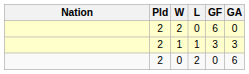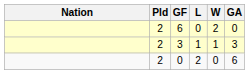 <table class=wikitable style="text-align:center">
 <tr>
 <th width=220]]>Nation</th>
 <th width=20]]>Pld</th>
+<th width=20]]>GF</th>
+<th width=20]]>L</th>
 <th width=20>W</th>
-<th width=20]]>L</th>
-<th width=20]]>GF</th>
 <th width=20]]>GA</th>
 </tr>
 <tr bgcolor=#ffffcc>
 <td align=left></td>
 <td>2</td>
+<td>6</td>
+<td>0</td>
 <td>2</td>
-<td>0</td>
-<td>6</td>
 <td>0</td>
 </tr>
 <tr bgcolor=#ffffcc>
 <td align=left></td>
 <td>2</td>
+<td>3</td>
 <td>1</td>
 <td>1</td>
-<td>3</td>
 <td>3</td>
 </tr>
 <tr>
 <td align=left></td>
 <td>2</td>
 <td>0</td>
 <td>2</td>
 <td>0</td>
 <td>6</td>
 </tr>
 </table>
